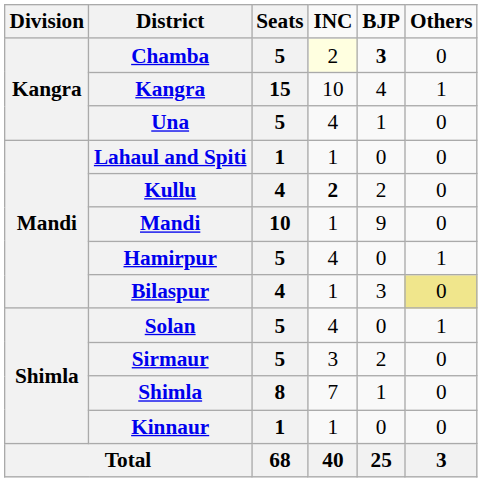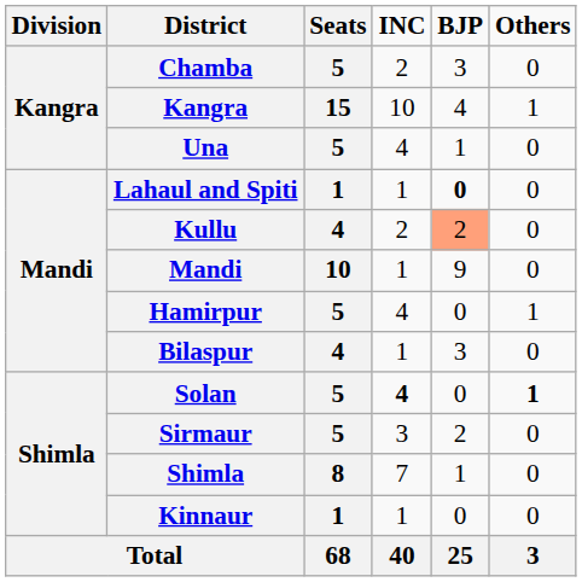 <table class="wikitable sortable" style="text-align:center;">
 <tr>
 <th>Division</th>
 <th>District</th>
 <th>Seats</th>
 <td><span><strong>INC</strong></span></td>
 <td><span><strong>BJP</strong></span></td>
 <td><span><strong>Others</strong></span></td>
 </tr>
 <tr>
 <th rowspan="3">Kangra</th>
 <th><a href='#'>Chamba</a></th>
 <th>5</th>
-<td style="background: lightyellow;">2</td>
-<td style="background:"><strong>3</strong></td>
+<td>2</td>
+<td style="background:">3</td>
 <td>0</td>
 </tr>
 <tr>
 <th><a href='#'>Kangra</a></th>
 <th>15</th>
 <td style="background:">10</td>
 <td>4</td>
 <td>1</td>
 </tr>
 <tr>
 <th><a href='#'>Una</a></th>
 <th>5</th>
 <td style="background:">4</td>
 <td>1</td>
 <td>0</td>
 </tr>
 <tr>
 <th rowspan="5">Mandi</th>
 <th><a href='#'>Lahaul and Spiti</a></th>
 <th>1</th>
 <td style="background:">1</td>
-<td>0</td>
+<td><strong>0</strong></td>
 <td>0</td>
 </tr>
 <tr>
 <th><a href='#'>Kullu</a></th>
 <th>4</th>
-<td><strong>2</strong></td>
 <td>2</td>
+<td style="background: lightsalmon;">2</td>
 <td>0</td>
 </tr>
 <tr>
 <th><a href='#'>Mandi</a></th>
 <th>10</th>
 <td>1</td>
 <td style="background:">9</td>
 <td>0</td>
 </tr>
 <tr>
 <th><a href='#'>Hamirpur</a></th>
 <th>5</th>
 <td style="background:">4</td>
 <td>0</td>
 <td>1</td>
 </tr>
 <tr>
 <th><a href='#'>Bilaspur</a></th>
 <th>4</th>
 <td>1</td>
 <td style="background:">3</td>
-<td style="background: khaki;">0</td>
+<td>0</td>
 </tr>
 <tr>
 <th rowspan=4>Shimla</th>
 <th><a href='#'>Solan</a></th>
 <th>5</th>
-<td style="background:">4</td>
+<td style="background:"><strong>4</strong></td>
 <td>0</td>
-<td>1</td>
+<td><strong>1</strong></td>
 </tr>
 <tr>
 <th><a href='#'>Sirmaur</a></th>
 <th>5</th>
 <td style="background:">3</td>
 <td>2</td>
 <td>0</td>
 </tr>
 <tr>
 <th><a href='#'>Shimla</a></th>
 <th>8</th>
 <td style="background:">7</td>
 <td>1</td>
 <td>0</td>
 </tr>
 <tr>
 <th><a href='#'>Kinnaur</a></th>
 <th>1</th>
 <td style="background:">1</td>
 <td>0</td>
 <td>0</td>
 </tr>
 <tr>
 <th colspan=2>Total</th>
 <th>68</th>
 <th>40</th>
 <th>25</th>
 <th>3</th>
 </tr>
 </table>
